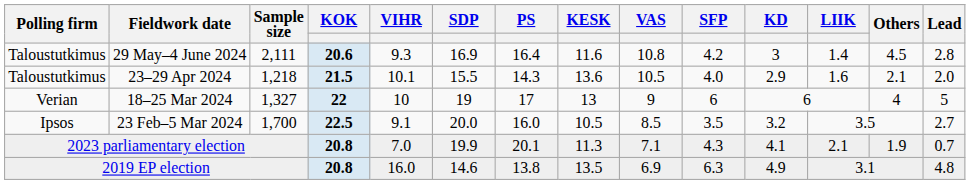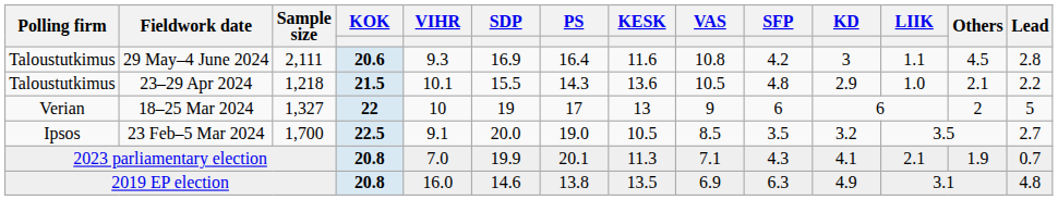 <table class="wikitable sortable mw-datatable" style="text-align:center;font-size:90%;line-height:14px;">
 <tr>
 <th rowspan="2">Polling firm</th>
 <th rowspan="2">Fieldwork date</th>
 <th rowspan="2">Sample<br>size</th>
 <th class="unsortable" style="width:50px;"><a href='#'>KOK</a><br></th>
 <th class="unsortable" style="width:50px;"><a href='#'>VIHR</a><br></th>
 <th class="unsortable" style="width:50px;"><a href='#'>SDP</a><br></th>
 <th class="unsortable" style="width:50px;"><a href='#'>PS</a><br></th>
 <th class="unsortable" style="width:50px;"><a href='#'>KESK</a><br></th>
 <th class="unsortable" style="width:50px;"><a href='#'>VAS</a><br></th>
 <th class="unsortable" style="width:50px;"><a href='#'>SFP</a><br></th>
 <th class="unsortable" style="width:50px;"><a href='#'>KD</a><br></th>
 <th class="unsortable" style="width:50px;"><a href='#'>LIIK</a><br></th>
 <th class="unsortable" style="width:30px;" rowspan="2">Others</th>
 <th class="unsortable" style="width:30px;" rowspan="2">Lead</th>
 </tr>
 <tr>
 <th data-sort-type="number" style="background:"></th>
 <th data-sort-type="number" style="background:"></th>
 <th data-sort-type="number" style="background:"></th>
 <th data-sort-type="number" style="background:"></th>
 <th data-sort-type="number" style="background:"></th>
 <th data-sort-type="number" style="background:"></th>
 <th data-sort-type="number" style="background:"></th>
 <th data-sort-type="number" style="background:"></th>
 <th data-sort-type="number" style="background:"></th>
 </tr>
 <tr>
 <td>Taloustutkimus</td>
 <td>29 May–4 June 2024</td>
 <td>2,111</td>
 <td style="background:#D9E9F4;"><strong>20.6</strong><br></td>
 <td>9.3<br></td>
 <td>16.9<br></td>
 <td>16.4<br></td>
 <td>11.6<br></td>
 <td>10.8<br></td>
 <td>4.2<br></td>
 <td>3<br></td>
-<td>1.4<br></td>
+<td>1.1<br></td>
 <td>4.5<br></td>
 <td style="background:">2.8</td>
 </tr>
 <tr>
 <td>Taloustutkimus</td>
 <td data-sort-value="2024-04-29">23–29 Apr 2024</td>
 <td>1,218</td>
 <td style="background:#D9E9F4;"><strong>21.5</strong><br></td>
 <td>10.1<br></td>
 <td>15.5<br></td>
 <td>14.3<br></td>
 <td>13.6<br></td>
 <td>10.5<br></td>
-<td>4.0<br></td>
+<td>4.8<br></td>
 <td>2.9<br></td>
-<td>1.6<br></td>
+<td>1.0<br></td>
 <td>2.1<br></td>
-<td style="background:">2.0</td>
+<td style="background:">2.2</td>
 </tr>
 <tr>
 <td>Verian</td>
 <td data-sort-value="2024-03-25">18–25 Mar 2024</td>
 <td>1,327</td>
 <td style="background:#D9E9F4;"><strong>22</strong><br></td>
 <td>10<br></td>
 <td>19<br></td>
 <td>17<br></td>
 <td>13<br></td>
 <td>9<br></td>
 <td>6<br></td>
 <td colspan="2">6<br></td>
-<td>4<br></td>
+<td>2<br></td>
 <td style="background:">5</td>
 </tr>
 <tr>
 <td>Ipsos</td>
 <td data-sort-value="2024-03-05">23 Feb–5 Mar 2024</td>
 <td>1,700</td>
 <td style="background:#D9E9F4;"><strong>22.5</strong><br></td>
 <td>9.1<br></td>
 <td>20.0<br></td>
-<td>16.0<br></td>
+<td>19.0<br></td>
 <td>10.5<br></td>
 <td>8.5<br></td>
 <td>3.5<br></td>
 <td>3.2<br></td>
 <td colspan="2">3.5<br></td>
 <td style="background:">2.7</td>
 </tr>
 <tr style="background:#EFEFEF;">
 <td colspan="3"><a href='#'>2023 parliamentary election</a></td>
 <td style="background:#D9E9F4;"><strong>20.8</strong></td>
 <td>7.0</td>
 <td>19.9</td>
 <td>20.1</td>
 <td>11.3</td>
 <td>7.1</td>
 <td>4.3</td>
 <td>4.1</td>
 <td>2.1</td>
 <td>1.9</td>
 <td style="background:">0.7</td>
 </tr>
 <tr style="background:#EFEFEF;">
 <td colspan="3"><a href='#'>2019 EP election</a></td>
 <td style="background:#D9E9F4;"><strong>20.8</strong><br></td>
 <td>16.0<br></td>
 <td>14.6<br></td>
 <td>13.8<br></td>
 <td>13.5<br></td>
 <td>6.9<br></td>
 <td>6.3<br></td>
 <td>4.9<br></td>
 <td colspan="2">3.1<br></td>
 <td style="background:">4.8</td>
 </tr>
 </table>
